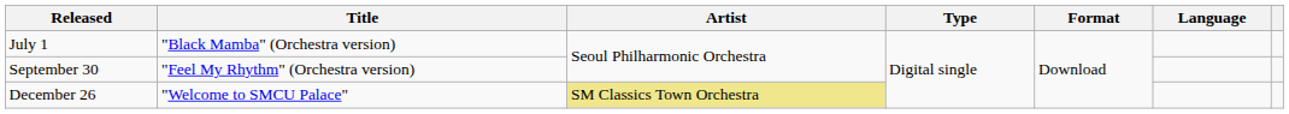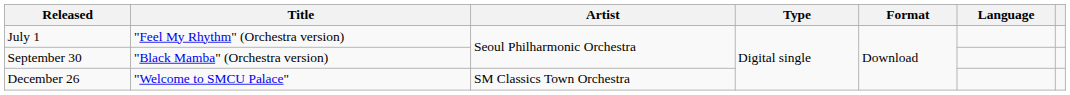 <table class="wikitable" width="100%">
 <tr>
 <th>Released</th>
 <th>Title</th>
 <th>Artist</th>
 <th>Type</th>
 <th>Format</th>
 <th>Language</th>
 <th></th>
 </tr>
 <tr>
 <td>July 1</td>
-<td>"<a href='#'>Black Mamba</a>" (Orchestra version)</td>
+<td>"<a href='#'>Feel My Rhythm</a>" (Orchestra version)</td>
 <td rowspan="2">Seoul Philharmonic Orchestra</td>
 <td rowspan="3">Digital single</td>
 <td rowspan="3">Download</td>
 <td></td>
 <td style="text-align: center;"></td>
 </tr>
 <tr>
 <td>September 30</td>
-<td>"<a href='#'>Feel My Rhythm</a>" (Orchestra version)</td>
+<td>"<a href='#'>Black Mamba</a>" (Orchestra version)</td>
 <td></td>
 <td style="text-align: center;"></td>
 </tr>
 <tr>
 <td>December 26</td>
 <td>"<a href='#'>Welcome to SMCU Palace</a>"</td>
-<td style="background: khaki;">SM Classics Town Orchestra</td>
+<td>SM Classics Town Orchestra</td>
 <td></td>
 <td style="text-align: center;"></td>
 </tr>
 </table>
